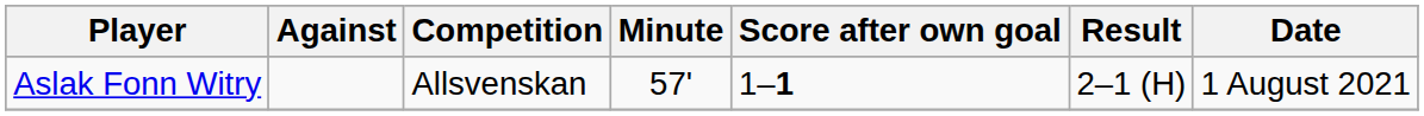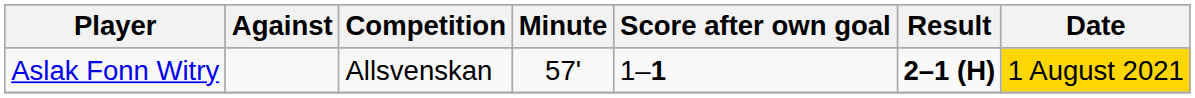 <table class="wikitable sortable">
 <tr>
 <th>Player</th>
 <th>Against</th>
 <th>Competition</th>
 <th>Minute</th>
 <th style="text-align:center">Score after own goal</th>
 <th style="text-align:center">Result</th>
 <th>Date</th>
 </tr>
 <tr>
 <td> <a href='#'>Aslak Fonn Witry</a></td>
 <td></td>
 <td>Allsvenskan</td>
 <td style="text-align:center">57'</td>
 <td>1–<strong>1</strong></td>
-<td>2–1 (H)</td>
-<td>1 August 2021</td>
+<td><strong>2–1 (H)</strong></td>
+<td style="background: gold;">1 August 2021</td>
 </tr>
 <tr>
 </tr>
 </table>
